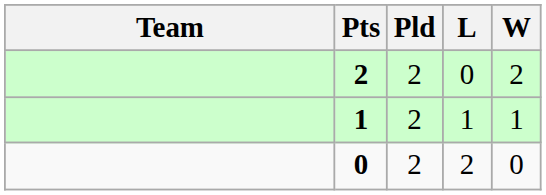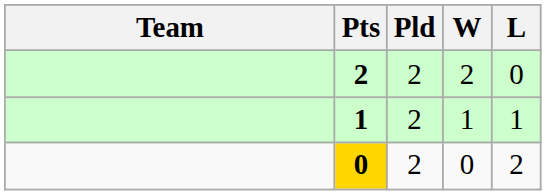 <table class=wikitable style="text-align:center">
 <tr>
 <th width=175>Team</th>
 <th width=20>Pts</th>
 <th width=20>Pld</th>
+<th width=20>W</th>
 <th width=20>L</th>
-<th width=20>W</th>
 </tr>
 <tr bgcolor="#ccffcc">
 <td style="text-align:left"></td>
 <td><strong>2</strong></td>
 <td>2</td>
+<td>2</td>
 <td>0</td>
-<td>2</td>
 </tr>
 <tr bgcolor="#ccffcc">
 <td style="text-align:left"></td>
 <td><strong>1</strong></td>
 <td>2</td>
 <td>1</td>
 <td>1</td>
 </tr>
 <tr>
 <td style="text-align:left"></td>
-<td><strong>0</strong></td>
-<td>2</td>
+<td style="background: gold;"><strong>0</strong></td>
 <td>2</td>
 <td>0</td>
+<td>2</td>
 </tr>
 </table>
